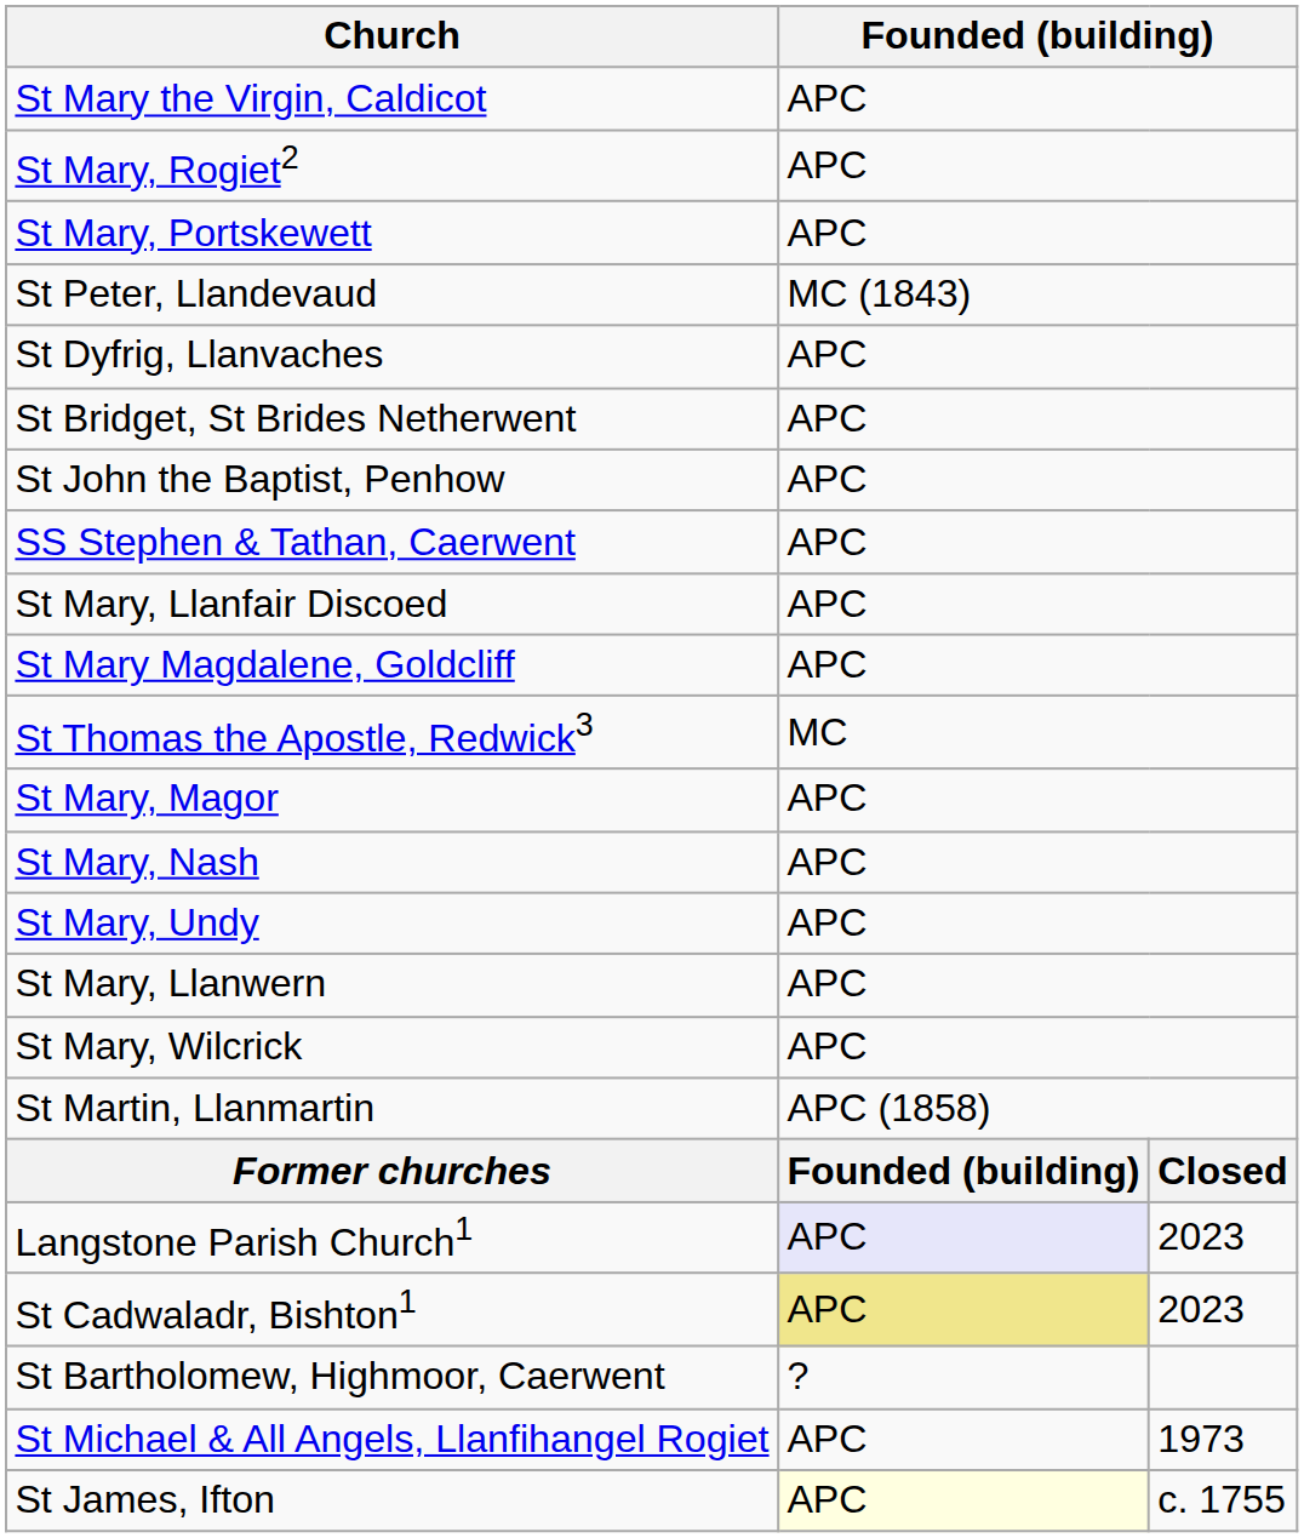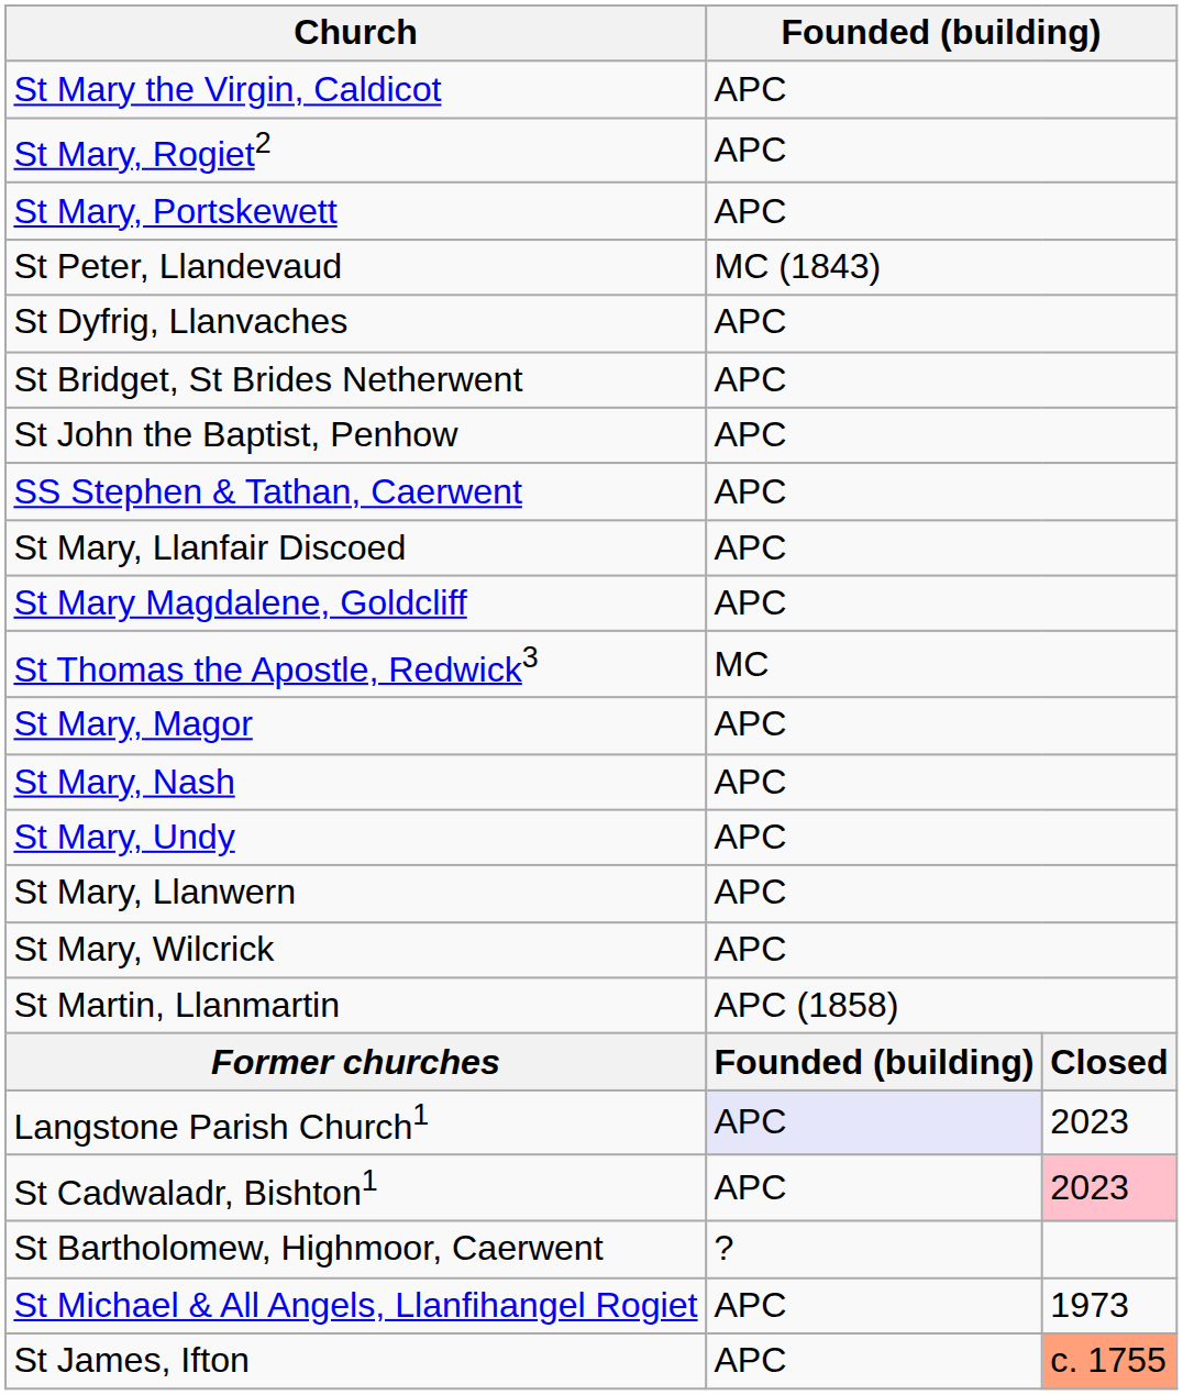 <table class="wikitable">
 <tr>
 <th>Church</th>
 <th colspan="2">Founded (building)</th>
 </tr>
 <tr>
 <td><a href='#'>St Mary the Virgin, Caldicot</a></td>
 <td colspan="2">APC</td>
 </tr>
 <tr>
 <td><a href='#'>St Mary, Rogiet</a><sup>2</sup></td>
 <td colspan="2">APC</td>
 </tr>
 <tr>
 <td><a href='#'>St Mary, Portskewett</a></td>
 <td colspan="2">APC</td>
 </tr>
 <tr>
 <td>St Peter, Llandevaud</td>
 <td colspan="2">MC (1843)</td>
 </tr>
 <tr>
 <td>St Dyfrig, Llanvaches</td>
 <td colspan="2">APC</td>
 </tr>
 <tr>
 <td>St Bridget, St Brides Netherwent</td>
 <td colspan="2">APC</td>
 </tr>
 <tr>
 <td>St John the Baptist, Penhow</td>
 <td colspan="2">APC</td>
 </tr>
 <tr>
 <td><a href='#'>SS Stephen & Tathan, Caerwent</a></td>
 <td colspan="2">APC</td>
 </tr>
 <tr>
 <td>St Mary, Llanfair Discoed</td>
 <td colspan="2">APC</td>
 </tr>
 <tr>
 <td><a href='#'>St Mary Magdalene, Goldcliff</a></td>
 <td colspan="2">APC</td>
 </tr>
 <tr>
 <td><a href='#'>St Thomas the Apostle, Redwick</a><sup>3</sup></td>
 <td colspan="2">MC</td>
 </tr>
 <tr>
 <td><a href='#'>St Mary, Magor</a></td>
 <td colspan="2">APC</td>
 </tr>
 <tr>
 <td><a href='#'>St Mary, Nash</a></td>
 <td colspan="2">APC</td>
 </tr>
 <tr>
 <td><a href='#'>St Mary, Undy</a></td>
 <td colspan="2">APC</td>
 </tr>
 <tr>
 <td>St Mary, Llanwern</td>
 <td colspan="2">APC</td>
 </tr>
 <tr>
 <td>St Mary, Wilcrick</td>
 <td colspan="2">APC</td>
 </tr>
 <tr>
 <td>St Martin, Llanmartin</td>
 <td colspan="2">APC (1858)</td>
 </tr>
 <tr>
 <th><em>Former churches</em></th>
 <th>Founded (building)</th>
 <th>Closed</th>
 </tr>
 <tr>
 <td>Langstone Parish Church<sup>1</sup></td>
 <td style="background: lavender;">APC</td>
 <td>2023</td>
 </tr>
 <tr>
 <td>St Cadwaladr, Bishton<sup>1</sup></td>
-<td style="background: khaki;">APC</td>
-<td>2023</td>
+<td>APC</td>
+<td style="background: pink;">2023</td>
 </tr>
 <tr>
 <td>St Bartholomew, Highmoor, Caerwent</td>
 <td>?</td>
 <td></td>
 </tr>
 <tr>
 <td><a href='#'>St Michael & All Angels, Llanfihangel Rogiet</a></td>
 <td>APC</td>
 <td>1973</td>
 </tr>
 <tr>
 <td>St James, Ifton</td>
-<td style="background: lightyellow;">APC</td>
-<td>c. 1755</td>
+<td>APC</td>
+<td style="background: lightsalmon;">c. 1755</td>
 </tr>
 </table>
